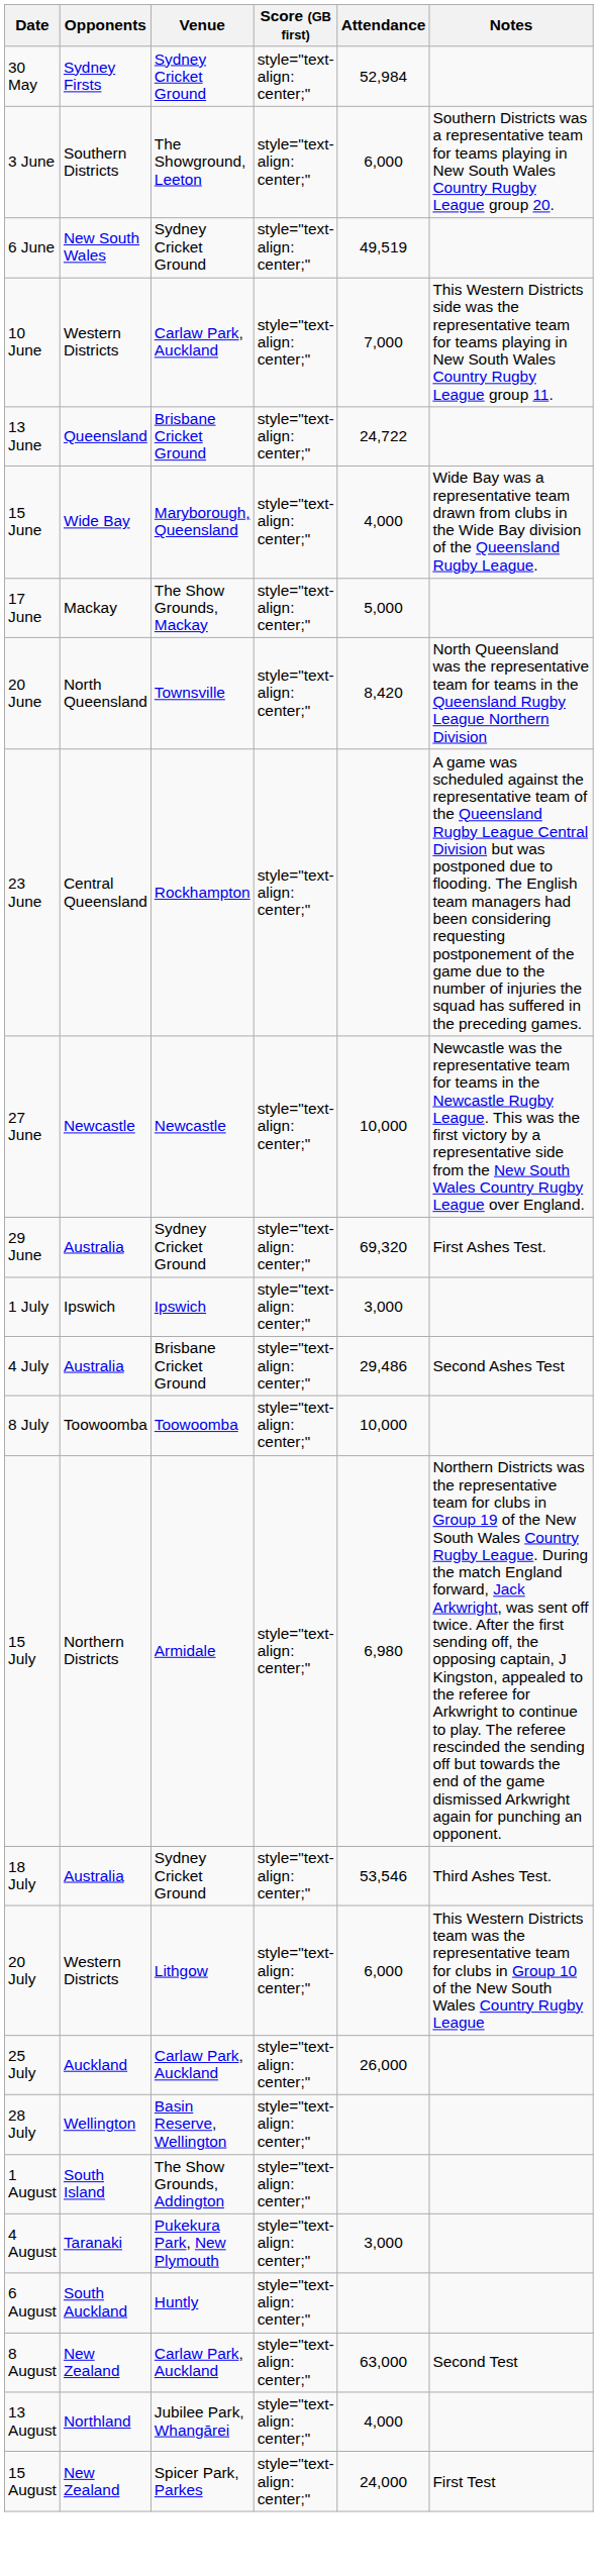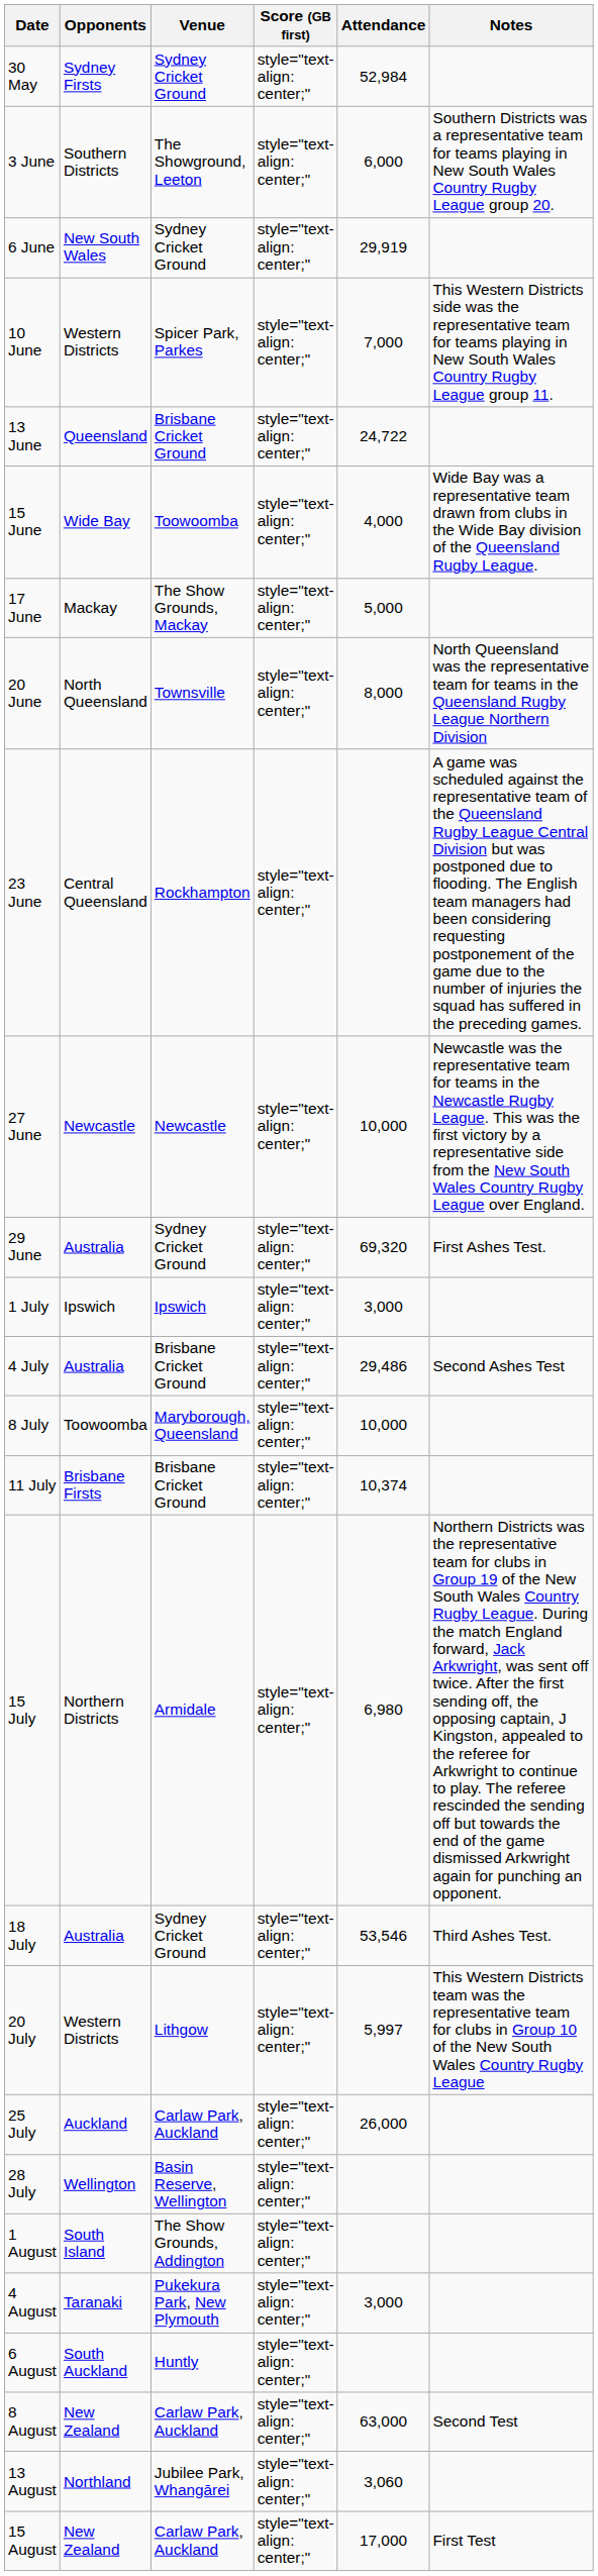 <table class="wikitable">
 <tr>
 <th style="width: 8%;">Date</th>
 <th style="width: 10%;">Opponents</th>
 <th style="width: 15%;">Venue</th>
 <th style="width: 10%;">Score <small>(GB first)</small></th>
 <th style="width: 10%;">Attendance</th>
 <th style="width: 47%;">Notes</th>
 </tr>
 <tr>
 <td>30 May</td>
 <td><a href='#'>Sydney Firsts</a></td>
 <td><a href='#'>Sydney Cricket Ground</a></td>
 <td>style="text-align: center;"  </td>
 <td style="text-align: center;">52,984</td>
 <td></td>
 </tr>
 <tr>
 <td>3 June</td>
 <td>Southern Districts</td>
 <td>The Showground, <a href='#'>Leeton</a></td>
 <td>style="text-align: center;"  </td>
 <td style="text-align: center;">6,000</td>
 <td>Southern Districts was a representative team for teams playing in New South Wales <a href='#'>Country Rugby League</a> group <a href='#'>20</a>.</td>
 </tr>
 <tr>
 <td>6 June</td>
 <td><a href='#'>New South Wales</a></td>
 <td>Sydney Cricket Ground</td>
 <td>style="text-align: center;"  </td>
-<td style="text-align: center;">49,519</td>
+<td style="text-align: center;">29,919</td>
 <td></td>
 </tr>
 <tr>
 <td>10 June</td>
 <td>Western Districts</td>
-<td><a href='#'>Carlaw Park</a>, <a href='#'>Auckland</a></td>
+<td>Spicer Park, <a href='#'>Parkes</a></td>
 <td>style="text-align: center;"  </td>
 <td style="text-align: center;">7,000</td>
 <td>This Western Districts side was the representative team for teams playing in New South Wales <a href='#'>Country Rugby League</a> group <a href='#'>11</a>.</td>
 </tr>
 <tr>
 <td>13 June</td>
 <td><a href='#'>Queensland</a></td>
 <td><a href='#'>Brisbane Cricket Ground</a></td>
 <td>style="text-align: center;"  </td>
 <td style="text-align: center;">24,722</td>
 <td></td>
 </tr>
 <tr>
 <td>15 June</td>
 <td><a href='#'>Wide Bay</a></td>
-<td><a href='#'>Maryborough, Queensland</a></td>
+<td><a href='#'>Toowoomba</a></td>
 <td>style="text-align: center;"  </td>
 <td style="text-align: center;">4,000</td>
 <td>Wide Bay was a representative team drawn from clubs in the Wide Bay division of the <a href='#'>Queensland Rugby League</a>.</td>
 </tr>
 <tr>
 <td>17 June</td>
 <td>Mackay</td>
 <td>The Show Grounds, <a href='#'>Mackay</a></td>
 <td>style="text-align: center;"  </td>
 <td style="text-align: center;">5,000</td>
 <td></td>
 </tr>
 <tr>
 <td>20 June</td>
 <td>North Queensland</td>
 <td><a href='#'>Townsville</a></td>
 <td>style="text-align: center;"  </td>
-<td style="text-align: center;">8,420</td>
+<td style="text-align: center;">8,000</td>
 <td>North Queensland was the representative team for teams in the <a href='#'>Queensland Rugby League Northern Division</a></td>
 </tr>
 <tr>
 <td>23 June</td>
 <td>Central Queensland</td>
 <td><a href='#'>Rockhampton</a></td>
 <td>style="text-align: center;"  </td>
 <td></td>
 <td>A game was scheduled against the representative team of the <a href='#'>Queensland Rugby League Central Division</a> but was postponed due to flooding. The English team managers had been considering requesting postponement of the game due to the number of injuries the squad has suffered in the preceding games.</td>
 </tr>
 <tr>
 <td>27 June</td>
 <td><a href='#'>Newcastle</a></td>
 <td><a href='#'>Newcastle</a></td>
 <td>style="text-align: center;"  </td>
 <td style="text-align: center;">10,000</td>
 <td>Newcastle was the representative team for teams in the <a href='#'>Newcastle Rugby League</a>. This was the first victory by a representative side from the <a href='#'>New South Wales Country Rugby League</a> over England.</td>
 </tr>
 <tr>
 <td>29 June</td>
 <td><a href='#'>Australia</a></td>
 <td>Sydney Cricket Ground</td>
 <td>style="text-align: center;"  </td>
 <td style="text-align: center;">69,320</td>
 <td>First Ashes Test.</td>
 </tr>
 <tr>
 <td>1 July</td>
 <td>Ipswich</td>
 <td><a href='#'>Ipswich</a></td>
 <td>style="text-align: center;"  </td>
 <td style="text-align: center;">3,000</td>
 <td></td>
 </tr>
 <tr>
 <td>4 July</td>
 <td><a href='#'>Australia</a></td>
 <td>Brisbane Cricket Ground</td>
 <td>style="text-align: center;"  </td>
 <td style="text-align: center;">29,486</td>
 <td>Second Ashes Test</td>
 </tr>
 <tr>
 <td>8 July</td>
 <td>Toowoomba</td>
-<td><a href='#'>Toowoomba</a></td>
+<td><a href='#'>Maryborough, Queensland</a></td>
 <td>style="text-align: center;"  </td>
 <td style="text-align: center;">10,000</td>
+<td></td>
+</tr>
+<tr>
+<td>11 July</td>
+<td><a href='#'>Brisbane Firsts</a></td>
+<td>Brisbane Cricket Ground</td>
+<td>style="text-align: center;"  </td>
+<td style="text-align: center;">10,374</td>
 <td></td>
 </tr>
 <tr>
 <td>15 July</td>
 <td>Northern Districts</td>
 <td><a href='#'>Armidale</a></td>
 <td>style="text-align: center;"  </td>
 <td style="text-align: center;">6,980</td>
 <td>Northern Districts was the representative team for clubs in <a href='#'>Group 19</a> of the New South Wales <a href='#'>Country Rugby League</a>. During the match England forward, <a href='#'>Jack Arkwright</a>, was sent off twice. After the first sending off, the opposing captain, J Kingston, appealed to the referee for Arkwright to continue to play. The referee rescinded the sending off but towards the end of the game dismissed Arkwright again for punching an opponent.</td>
 </tr>
 <tr>
 <td>18 July</td>
 <td><a href='#'>Australia</a></td>
 <td>Sydney Cricket Ground</td>
 <td>style="text-align: center;"  </td>
 <td style="text-align: center;">53,546</td>
 <td>Third Ashes Test.</td>
 </tr>
 <tr>
 <td>20 July</td>
 <td>Western Districts</td>
 <td><a href='#'>Lithgow</a></td>
 <td>style="text-align: center;"  </td>
-<td style="text-align: center;">6,000</td>
+<td style="text-align: center;">5,997</td>
 <td>This Western Districts team was the representative team for clubs in <a href='#'>Group 10</a> of the New South Wales <a href='#'>Country Rugby League</a></td>
 </tr>
 <tr>
 <td>25 July</td>
 <td><a href='#'>Auckland</a></td>
 <td><a href='#'>Carlaw Park</a>, <a href='#'>Auckland</a></td>
 <td>style="text-align: center;"  </td>
 <td style="text-align: center;">26,000</td>
 <td></td>
 </tr>
 <tr>
 <td>28 July</td>
 <td><a href='#'>Wellington</a></td>
 <td><a href='#'>Basin Reserve</a>, <a href='#'>Wellington</a></td>
 <td>style="text-align: center;"  </td>
 <td style="text-align: center;"></td>
 <td></td>
 </tr>
 <tr>
 <td>1 August</td>
 <td><a href='#'>South Island</a></td>
 <td>The Show Grounds, <a href='#'>Addington</a></td>
 <td>style="text-align: center;"  </td>
 <td style="text-align: center;"></td>
 <td></td>
 </tr>
 <tr>
 <td>4 August</td>
 <td><a href='#'>Taranaki</a></td>
 <td><a href='#'>Pukekura Park</a>, <a href='#'>New Plymouth</a></td>
 <td>style="text-align: center;"  </td>
 <td style="text-align: center;">3,000</td>
 <td></td>
 </tr>
 <tr>
 <td>6 August</td>
 <td><a href='#'>South Auckland</a></td>
 <td><a href='#'>Huntly</a></td>
 <td>style="text-align: center;"  </td>
 <td style="text-align: center;"></td>
 <td></td>
 </tr>
 <tr>
 <td>8 August</td>
 <td><a href='#'>New Zealand</a></td>
 <td><a href='#'>Carlaw Park</a>, <a href='#'>Auckland</a></td>
 <td>style="text-align: center;"  </td>
 <td style="text-align: center;">63,000</td>
 <td>Second Test</td>
 </tr>
 <tr>
 <td>13 August</td>
 <td><a href='#'>Northland</a></td>
 <td>Jubilee Park, <a href='#'>Whangārei</a></td>
 <td>style="text-align: center;"  </td>
-<td style="text-align: center;">4,000</td>
+<td style="text-align: center;">3,060</td>
 <td></td>
 </tr>
 <tr>
 <td>15 August</td>
 <td><a href='#'>New Zealand</a></td>
-<td>Spicer Park, <a href='#'>Parkes</a></td>
+<td><a href='#'>Carlaw Park</a>, <a href='#'>Auckland</a></td>
 <td>style="text-align: center;"  </td>
-<td style="text-align: center;">24,000</td>
+<td style="text-align: center;">17,000</td>
 <td>First Test</td>
 </tr>
 </table>
